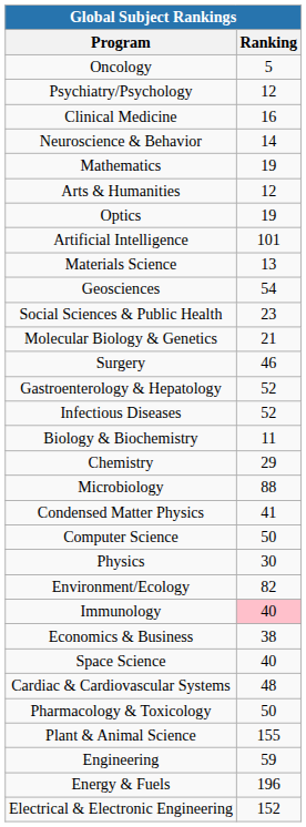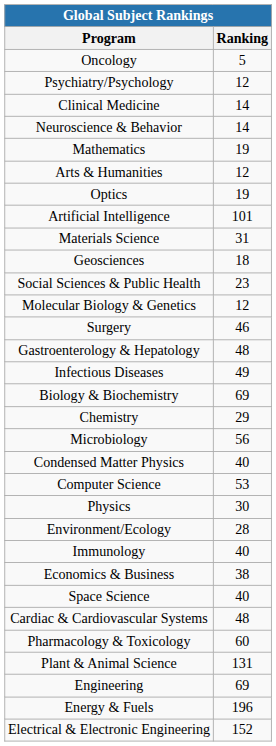 <table class="wikitable sortable collapsible collapsed" style="float:right; text-align:center">
 <tr>
 <th colspan=4 style="background:#2774AE; color:#FFFFFF; ">Global Subject Rankings</th>
 </tr>
 <tr>
 <th>Program</th>
 <th>Ranking</th>
 </tr>
 <tr>
 <td>Oncology</td>
 <td>5</td>
 </tr>
 <tr>
 <td>Psychiatry/Psychology</td>
 <td>12</td>
 </tr>
 <tr>
 <td>Clinical Medicine</td>
-<td>16</td>
+<td>14</td>
 </tr>
 <tr>
 <td>Neuroscience & Behavior</td>
 <td>14</td>
 </tr>
 <tr>
 <td>Mathematics</td>
 <td>19</td>
 </tr>
 <tr>
 <td>Arts & Humanities</td>
 <td>12</td>
 </tr>
 <tr>
 <td>Optics</td>
 <td>19</td>
 </tr>
 <tr>
 <td>Artificial Intelligence</td>
 <td>101</td>
 </tr>
 <tr>
 <td>Materials Science</td>
-<td>13</td>
+<td>31</td>
 </tr>
 <tr>
 <td>Geosciences</td>
-<td>54</td>
+<td>18</td>
 </tr>
 <tr>
 <td>Social Sciences & Public Health</td>
 <td>23</td>
 </tr>
 <tr>
 <td>Molecular Biology & Genetics</td>
-<td>21</td>
+<td>12</td>
 </tr>
 <tr>
 <td>Surgery</td>
 <td>46</td>
 </tr>
 <tr>
 <td>Gastroenterology & Hepatology</td>
-<td>52</td>
+<td>48</td>
 </tr>
 <tr>
 <td>Infectious Diseases</td>
-<td>52</td>
+<td>49</td>
 </tr>
 <tr>
 <td>Biology & Biochemistry</td>
-<td>11</td>
+<td>69</td>
 </tr>
 <tr>
 <td>Chemistry</td>
 <td>29</td>
 </tr>
 <tr>
 <td>Microbiology</td>
-<td>88</td>
+<td>56</td>
 </tr>
 <tr>
 <td>Condensed Matter Physics</td>
-<td>41</td>
+<td>40</td>
 </tr>
 <tr>
 <td>Computer Science</td>
-<td>50</td>
+<td>53</td>
 </tr>
 <tr>
 <td>Physics</td>
 <td>30</td>
 </tr>
 <tr>
 <td>Environment/Ecology</td>
-<td>82</td>
+<td>28</td>
 </tr>
 <tr>
 <td>Immunology</td>
-<td style="background: pink;">40</td>
+<td>40</td>
 </tr>
 <tr>
 <td>Economics & Business</td>
 <td>38</td>
 </tr>
 <tr>
 <td>Space Science</td>
 <td>40</td>
 </tr>
 <tr>
 <td>Cardiac & Cardiovascular Systems</td>
 <td>48</td>
 </tr>
 <tr>
 <td>Pharmacology & Toxicology</td>
-<td>50</td>
+<td>60</td>
 </tr>
 <tr>
 <td>Plant & Animal Science</td>
-<td>155</td>
+<td>131</td>
 </tr>
 <tr>
 <td>Engineering</td>
-<td>59</td>
+<td>69</td>
 </tr>
 <tr>
 <td>Energy & Fuels</td>
 <td>196</td>
 </tr>
 <tr>
 <td>Electrical & Electronic Engineering</td>
 <td>152</td>
 </tr>
 </table>
